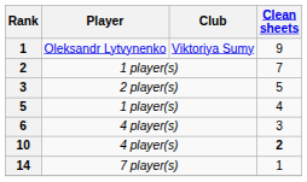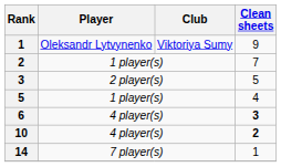 <table class="wikitable" style="text-align:center">
 <tr>
 <th>Rank</th>
 <th>Player</th>
 <th>Club</th>
 <th><a href='#'>Clean<br>sheets</a></th>
 </tr>
 <tr>
 <th rowspan=1>1</th>
 <td align="left"><a href='#'>Oleksandr Lytvynenko</a></td>
 <td align="left"><a href='#'>Viktoriya Sumy</a></td>
 <td rowspan=1>9</td>
 </tr>
 <tr>
 <th align=center>2</th>
 <td colspan=2 align=center><em>1 player(s)</em></td>
 <td align=center>7</td>
 </tr>
 <tr>
 <th align=center>3</th>
 <td colspan=2 align=center><em>2 player(s)</em></td>
 <td align=center>5</td>
 </tr>
 <tr>
 <th align=center>5</th>
 <td colspan=2 align=center><em>1 player(s)</em></td>
 <td align=center>4</td>
 </tr>
 <tr>
 <th align=center>6</th>
 <td colspan=2 align=center><em>4 player(s)</em></td>
-<td align=center>3</td>
+<td align=center><strong>3</strong></td>
 </tr>
 <tr>
 <th align=center>10</th>
 <td colspan=2 align=center><em>4 player(s)</em></td>
 <td align=center><strong>2</strong></td>
 </tr>
 <tr>
 <th align=center>14</th>
 <td colspan=2 align=center><em>7 player(s)</em></td>
 <td align=center>1</td>
 </tr>
 <tr>
 </tr>
 </table>
